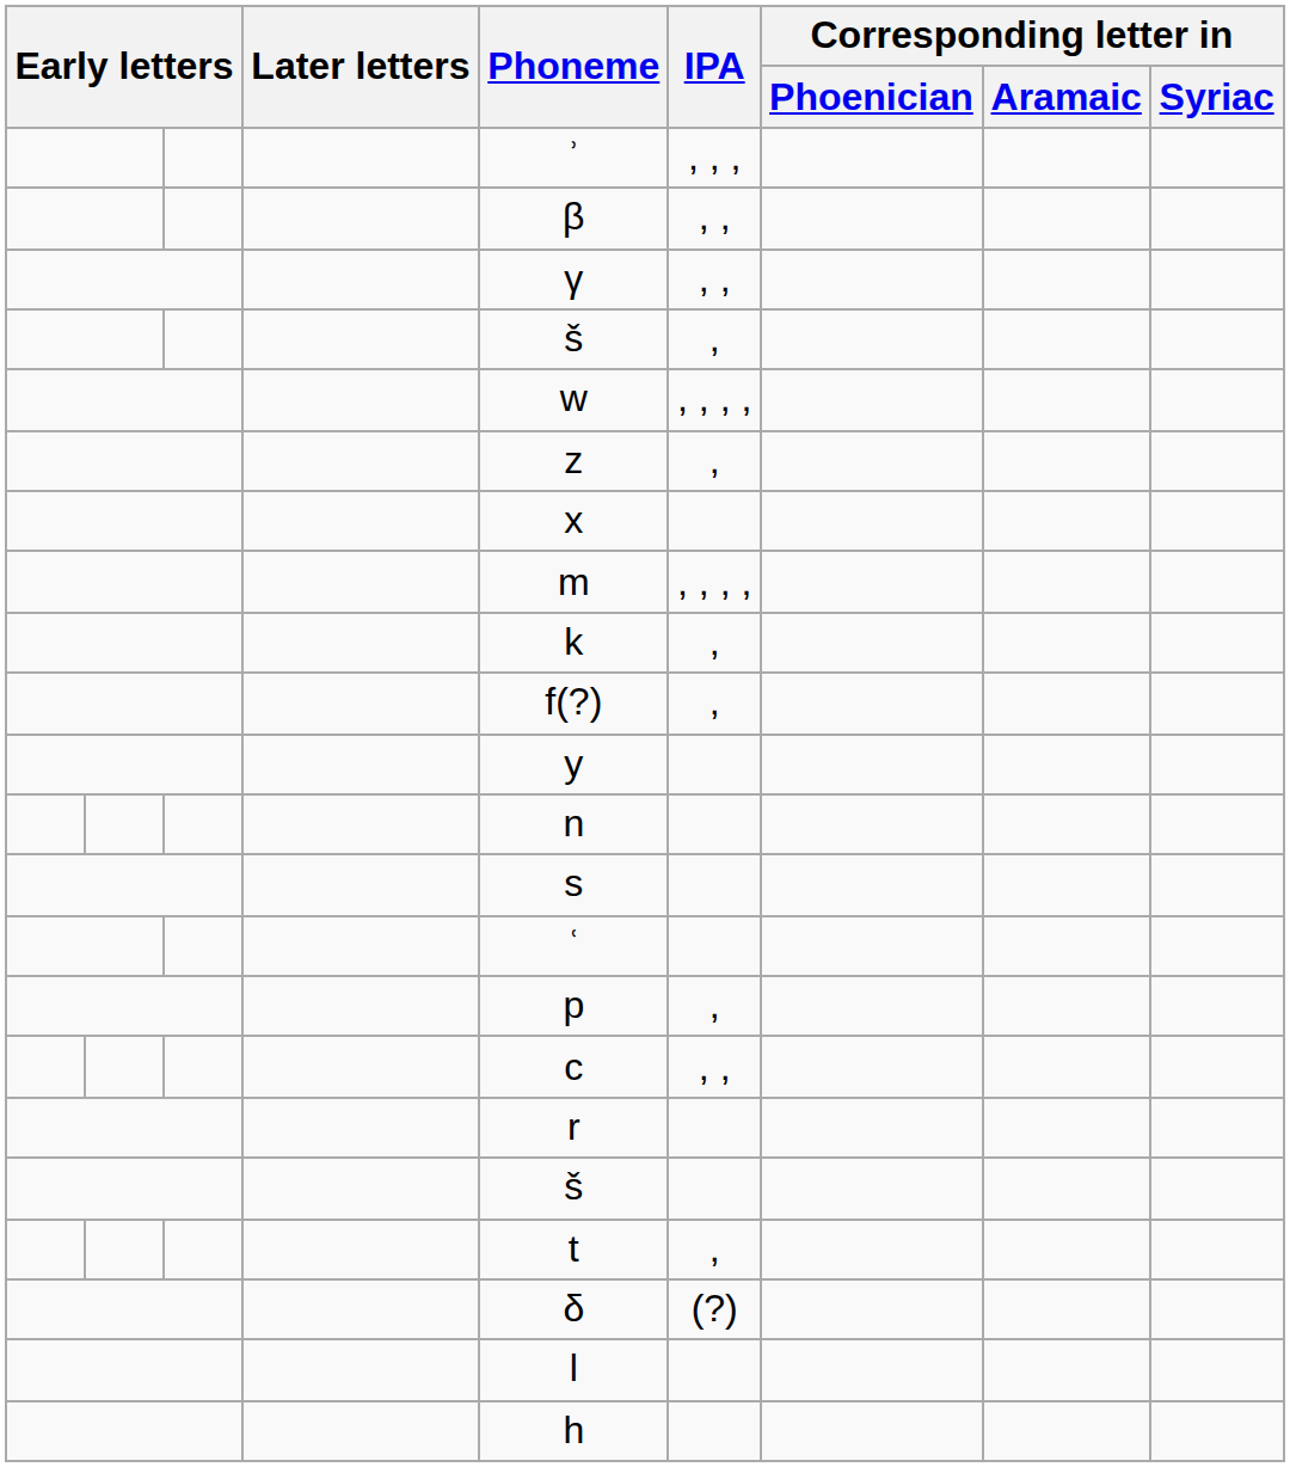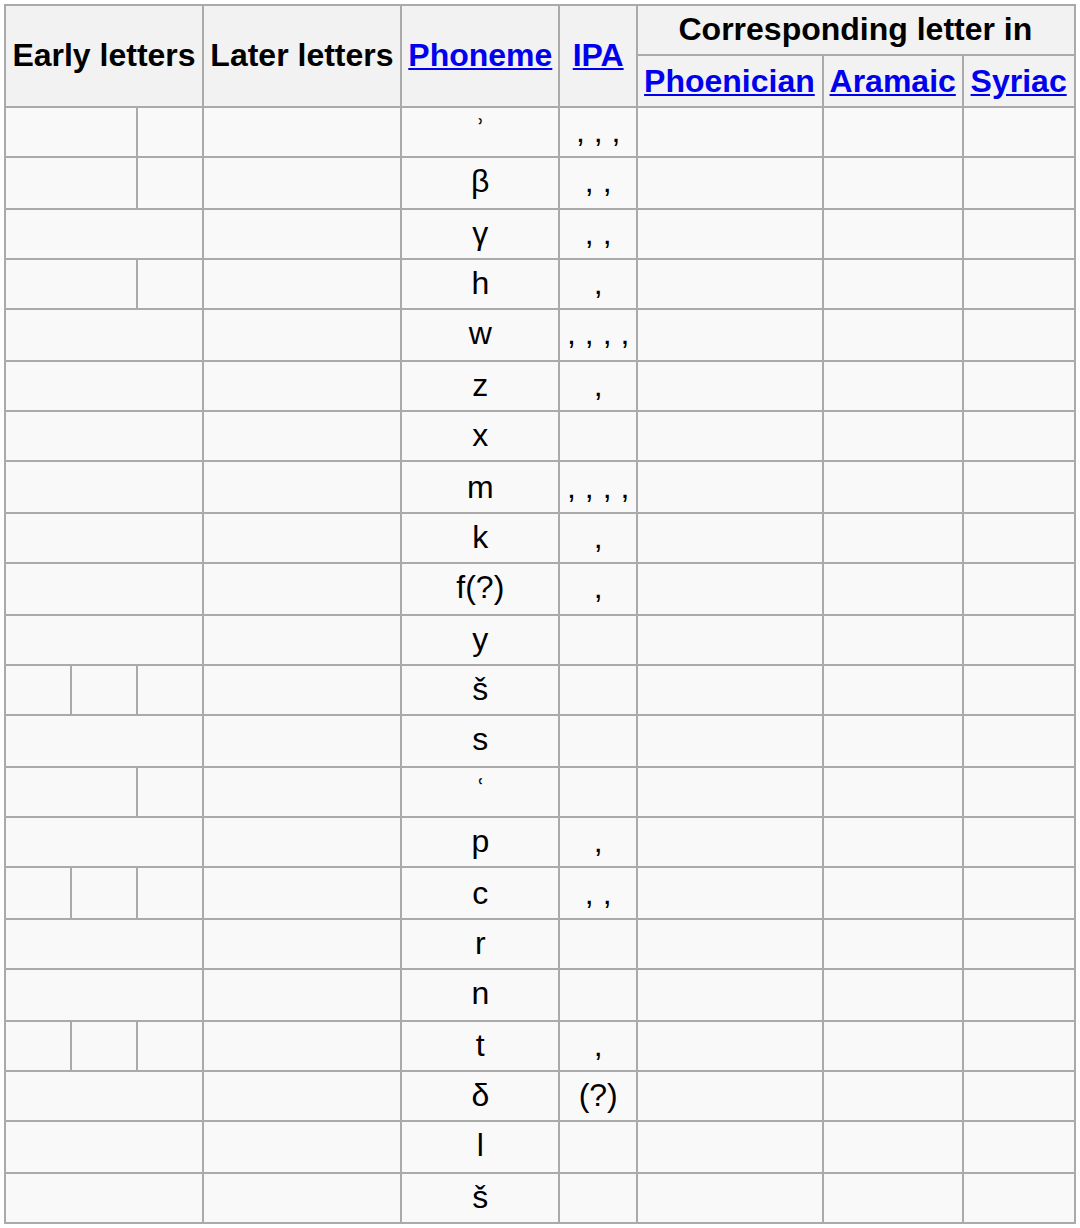 <table class="wikitable" id="letters_chart" style="text-align: center;">
 <tr>
 <th rowspan="2" colspan="3">Early letters</th>
 <th rowspan="2">Later letters</th>
 <th rowspan="2"><a href='#'>Phoneme</a></th>
 <th rowspan="2"><a href='#'>IPA</a></th>
 <th colspan="8">Corresponding letter in</th>
 </tr>
 <tr>
 <th><a href='#'>Phoenician</a></th>
 <th><a href='#'>Aramaic</a></th>
 <th><a href='#'>Syriac</a></th>
 </tr>
 <tr>
 <td colspan="2"></td>
 <td><br> </td>
 <td></td>
 <td>ʾ</td>
 <td>, , , </td>
 <td></td>
 <td></td>
 <td></td>
 </tr>
 <tr>
 <td colspan="2"></td>
 <td><br> </td>
 <td></td>
 <td>β</td>
 <td>, , </td>
 <td></td>
 <td></td>
 <td></td>
 </tr>
 <tr>
 <td colspan="3"></td>
 <td></td>
 <td>γ</td>
 <td>, , </td>
 <td></td>
 <td></td>
 <td></td>
 </tr>
 <tr>
 <td colspan="2"></td>
 <td><br> </td>
 <td></td>
-<td>š</td>
+<td>h</td>
 <td>, </td>
 <td></td>
 <td></td>
 <td></td>
 </tr>
 <tr>
 <td colspan="3"></td>
 <td></td>
 <td>w</td>
 <td>, , , , </td>
 <td></td>
 <td></td>
 <td></td>
 </tr>
 <tr>
 <td colspan="3"></td>
 <td></td>
 <td>z</td>
 <td>, </td>
 <td></td>
 <td></td>
 <td></td>
 </tr>
 <tr>
 <td colspan="3"></td>
 <td></td>
 <td>x</td>
 <td></td>
 <td></td>
 <td></td>
 <td></td>
 </tr>
 <tr>
 <td colspan="3"></td>
 <td></td>
 <td>m</td>
 <td>, ,  , , </td>
 <td></td>
 <td></td>
 <td></td>
 </tr>
 <tr>
 <td colspan="3"></td>
 <td></td>
 <td>k</td>
 <td>, </td>
 <td></td>
 <td></td>
 <td></td>
 </tr>
 <tr>
 <td colspan="3"></td>
 <td></td>
 <td>f(?)</td>
 <td>, </td>
 <td></td>
 <td></td>
 <td></td>
 </tr>
 <tr>
 <td colspan="3"></td>
 <td></td>
 <td>y</td>
 <td></td>
 <td></td>
 <td></td>
 <td></td>
 </tr>
 <tr>
 <td></td>
 <td><br> </td>
 <td><br> </td>
 <td></td>
-<td>n</td>
+<td>š</td>
 <td></td>
 <td></td>
 <td></td>
 <td></td>
 </tr>
 <tr>
 <td colspan="3"></td>
 <td></td>
 <td>s</td>
 <td></td>
 <td></td>
 <td></td>
 <td></td>
 </tr>
 <tr>
 <td colspan="2"></td>
 <td></td>
 <td></td>
 <td>ʿ</td>
 <td></td>
 <td></td>
 <td></td>
 <td></td>
 </tr>
 <tr>
 <td colspan="3"></td>
 <td></td>
 <td>p</td>
 <td>, </td>
 <td></td>
 <td></td>
 <td></td>
 </tr>
 <tr>
 <td></td>
 <td><br> </td>
 <td><br> </td>
 <td></td>
 <td>c</td>
 <td>, , </td>
 <td></td>
 <td></td>
 <td></td>
 </tr>
 <tr>
 <td colspan="3"></td>
 <td></td>
 <td>r</td>
 <td></td>
 <td></td>
 <td></td>
 <td></td>
 </tr>
 <tr>
 <td colspan="3"></td>
 <td></td>
-<td>š</td>
+<td>n</td>
 <td></td>
 <td></td>
 <td></td>
 <td></td>
 </tr>
 <tr>
 <td></td>
 <td><br> </td>
 <td><br> </td>
 <td></td>
 <td>t</td>
 <td>, </td>
 <td></td>
 <td></td>
 <td></td>
 </tr>
 <tr>
 <td colspan="3"></td>
 <td></td>
 <td>δ</td>
 <td>(?)</td>
 <td></td>
 <td></td>
 <td></td>
 </tr>
 <tr>
 <td colspan="3"></td>
 <td></td>
 <td>l</td>
 <td></td>
 <td></td>
 <td></td>
 <td></td>
 </tr>
 <tr>
 <td colspan="3"></td>
 <td></td>
-<td>h</td>
+<td>š</td>
 <td></td>
 <td></td>
 <td></td>
 <td></td>
 </tr>
 </table>
